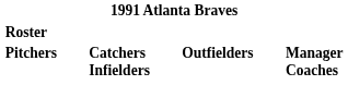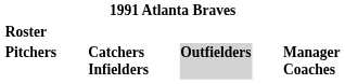 <table class="toccolours" style="font-size: 95%;">
 <tr>
 <th colspan="10">1991 Atlanta Braves</th>
 </tr>
 <tr>
 <td colspan="10"><strong>Roster</strong></td>
 </tr>
 <tr>
 <td valign="top"><strong>Pitchers</strong><br>                   </td>
 <td width="25px"></td>
 <td valign="top"><strong>Catchers</strong><br>     <strong>Infielders</strong>           </td>
 <td width="25px"></td>
-<td valign="top"><strong>Outfielders</strong><br>      </td>
+<td valign="top" style="background: lightgrey;"><strong>Outfielders</strong><br>      </td>
 <td width="25px"></td>
 <td valign="top"><strong>Manager</strong><br> <strong>Coaches</strong>      </td>
 </tr>
 </table>
